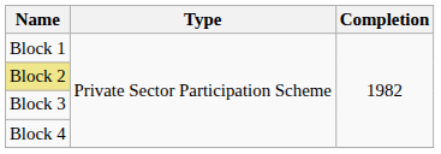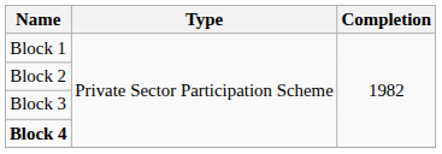 <table class="wikitable" style="text-align: center">
 <tr>
 <th>Name</th>
 <th>Type</th>
 <th>Completion</th>
 </tr>
 <tr>
 <td>Block 1</td>
 <td rowspan="4">Private Sector Participation Scheme</td>
 <td rowspan="4">1982</td>
 </tr>
 <tr>
-<td style="background: khaki;">Block 2</td>
+<td>Block 2</td>
 </tr>
 <tr>
 <td>Block 3</td>
 </tr>
 <tr>
-<td>Block 4</td>
+<td><strong>Block 4</strong></td>
 </tr>
 <tr>
 </tr>
 </table>
